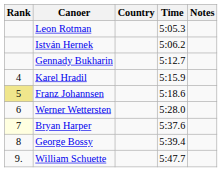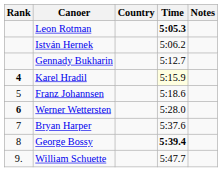 <table class="wikitable sortable" style="text-align:center">
 <tr>
 <th>Rank</th>
 <th>Canoer</th>
 <th>Country</th>
 <th>Time</th>
 <th>Notes</th>
 </tr>
 <tr>
 <td></td>
 <td align=left athlete><a href='#'>Leon Rotman</a></td>
 <td align=left></td>
-<td>5:05.3</td>
+<td><strong>5:05.3</strong></td>
 <td></td>
 </tr>
 <tr>
 <td></td>
 <td align=left athlete><a href='#'>István Hernek</a></td>
 <td align=left></td>
 <td>5:06.2</td>
 <td></td>
 </tr>
 <tr>
 <td></td>
 <td align=left athlete><a href='#'>Gennady Bukharin</a></td>
 <td align=left></td>
 <td>5:12.7</td>
 <td></td>
 </tr>
 <tr>
-<td>4</td>
+<td><strong>4</strong></td>
 <td align=left athlete><a href='#'>Karel Hradil</a></td>
 <td align=left></td>
-<td>5:15.9</td>
+<td style="background: lightyellow;">5:15.9</td>
 <td></td>
 </tr>
 <tr>
-<td style="background: khaki;">5</td>
+<td>5</td>
 <td align=left athlete><a href='#'>Franz Johannsen</a></td>
 <td align=left></td>
 <td>5:18.6</td>
 <td></td>
 </tr>
 <tr>
-<td>6</td>
+<td><strong>6</strong></td>
 <td align=left athlete><a href='#'>Werner Wettersten</a></td>
 <td align=left></td>
 <td>5:28.0</td>
 <td></td>
 </tr>
 <tr>
-<td style="background: lightyellow;">7</td>
+<td>7</td>
 <td align=left athlete><a href='#'>Bryan Harper</a></td>
 <td align=left></td>
 <td>5:37.6</td>
 <td></td>
 </tr>
 <tr>
 <td>8</td>
 <td align=left athlete><a href='#'>George Bossy</a></td>
 <td align=left></td>
-<td>5:39.4</td>
+<td><strong>5:39.4</strong></td>
 </tr>
 <tr>
 <td>9.</td>
 <td align=left athlete><a href='#'>William Schuette</a></td>
 <td align=left></td>
 <td>5:47.7</td>
 <td></td>
 </tr>
 </table>
